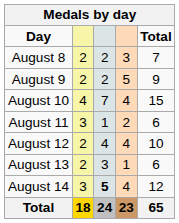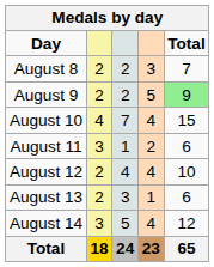 <table class="wikitable" style="font-size:85%; float:right">
 <tr align=center>
 <th colspan=7>Medals by day</th>
 </tr>
 <tr align=center>
 <td><strong>Day</strong></td>
 <td style="background:#f7f6a8;"></td>
 <td style="background:#dce5e5;"></td>
 <td style="background:#ffdab9;"></td>
 <td><strong>Total</strong></td>
 </tr>
 <tr align=center>
 <td>August 8</td>
 <td style="background:#f7f6a8;">2</td>
 <td style="background:#dce5e5;">2</td>
 <td style="background:#ffdab9;">3</td>
 <td>7</td>
 </tr>
 <tr align=center>
 <td>August 9</td>
 <td style="background:#f7f6a8;">2</td>
 <td style="background:#dce5e5;">2</td>
 <td style="background:#ffdab9;">5</td>
-<td>9</td>
+<td style="background: lightgreen;">9</td>
 </tr>
 <tr align=center>
 <td>August 10</td>
 <td style="background:#f7f6a8;">4</td>
 <td style="background:#dce5e5;">7</td>
 <td style="background:#ffdab9;">4</td>
 <td>15</td>
 </tr>
 <tr align=center>
 <td>August 11</td>
 <td style="background:#f7f6a8;">3</td>
 <td style="background:#dce5e5;">1</td>
 <td style="background:#ffdab9;">2</td>
 <td>6</td>
 </tr>
 <tr align=center>
 <td>August 12</td>
 <td style="background:#f7f6a8;">2</td>
 <td style="background:#dce5e5;">4</td>
 <td style="background:#ffdab9;">4</td>
 <td>10</td>
 </tr>
 <tr align=center>
 <td>August 13</td>
 <td style="background:#f7f6a8;">2</td>
 <td style="background:#dce5e5;">3</td>
 <td style="background:#ffdab9;">1</td>
 <td>6</td>
 </tr>
 <tr align=center>
 <td>August 14</td>
 <td style="background:#f7f6a8;">3</td>
-<td style="background:#dce5e5;"><strong>5</strong></td>
+<td style="background:#dce5e5;">5</td>
 <td style="background:#ffdab9;">4</td>
 <td>12</td>
 </tr>
 <tr align=center>
 <th>Total</th>
 <th style="background:gold;">18</th>
 <th style="background:silver;">24</th>
 <th style="background:#c96;">23</th>
 <th>65</th>
 </tr>
 </table>
